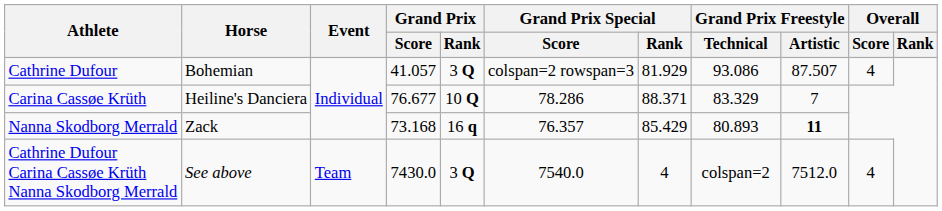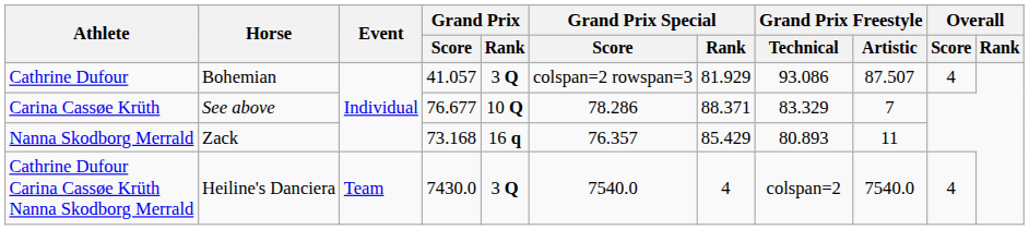 <table class=wikitable style=font-size:90%;>
 <tr>
 <th rowspan="2">Athlete</th>
 <th rowspan="2">Horse</th>
 <th rowspan="2">Event</th>
 <th colspan="2">Grand Prix</th>
 <th colspan="2">Grand Prix Special</th>
 <th colspan="2">Grand Prix Freestyle</th>
 <th colspan="2">Overall</th>
 </tr>
 <tr style="font-size:95%">
 <th>Score</th>
 <th>Rank</th>
 <th>Score</th>
 <th>Rank</th>
 <th>Technical</th>
 <th>Artistic</th>
 <th>Score</th>
 <th>Rank</th>
 </tr>
 <tr align=center>
 <td align=left><a href='#'>Cathrine Dufour</a></td>
 <td align=left>Bohemian</td>
 <td rowspan=3 align=left><a href='#'>Individual</a></td>
 <td>41.057</td>
 <td>3 <strong>Q</strong></td>
 <td>colspan=2 rowspan=3 </td>
 <td>81.929</td>
 <td>93.086</td>
 <td>87.507</td>
 <td>4</td>
 </tr>
 <tr align=center>
 <td align=left><a href='#'>Carina Cassøe Krüth</a></td>
-<td align=left>Heiline's Danciera</td>
+<td align=left><em>See above</em></td>
 <td>76.677</td>
 <td>10 <strong>Q</strong></td>
 <td>78.286</td>
 <td>88.371</td>
 <td>83.329</td>
 <td>7</td>
 </tr>
 <tr align=center>
 <td align=left><a href='#'>Nanna Skodborg Merrald</a></td>
 <td align=left>Zack</td>
 <td>73.168</td>
 <td>16 <strong>q</strong></td>
 <td>76.357</td>
 <td>85.429</td>
 <td>80.893</td>
-<td><strong>11</strong></td>
+<td>11</td>
 </tr>
 <tr align=center>
 <td align=left><a href='#'>Cathrine Dufour</a><br><a href='#'>Carina Cassøe Krüth</a><br><a href='#'>Nanna Skodborg Merrald</a></td>
-<td align=left><em>See above</em></td>
+<td align=left>Heiline's Danciera</td>
 <td align=left><a href='#'>Team</a></td>
 <td>7430.0</td>
 <td>3 <strong>Q</strong></td>
 <td>7540.0</td>
 <td>4</td>
 <td>colspan=2 </td>
-<td>7512.0</td>
+<td>7540.0</td>
 <td>4</td>
 </tr>
 </table>
